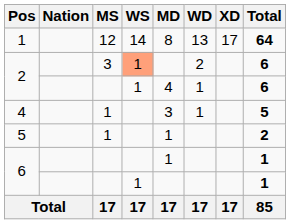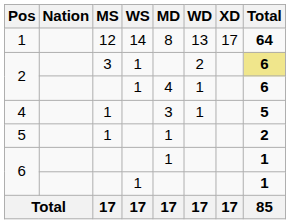 <table class="wikitable" style="text-align:center">
 <tr>
 <th>Pos</th>
 <th>Nation</th>
 <th>MS</th>
 <th>WS</th>
 <th>MD</th>
 <th>WD</th>
 <th>XD</th>
 <th>Total</th>
 </tr>
 <tr>
 <td>1</td>
 <td align=left><strong></strong></td>
 <td>12</td>
 <td>14</td>
 <td>8</td>
 <td>13</td>
 <td>17</td>
 <td><strong>64</strong></td>
 </tr>
 <tr>
 <td rowspan="2">2</td>
 <td align=left></td>
 <td>3</td>
-<td style="background: lightsalmon;">1</td>
+<td>1</td>
 <td></td>
 <td>2</td>
 <td></td>
-<td><strong>6</strong></td>
+<td style="background: khaki;"><strong>6</strong></td>
 </tr>
 <tr>
 <td align=left></td>
 <td></td>
 <td>1</td>
 <td>4</td>
 <td>1</td>
 <td></td>
 <td><strong>6</strong></td>
 </tr>
 <tr>
 <td>4</td>
 <td align=left></td>
 <td>1</td>
 <td></td>
 <td>3</td>
 <td>1</td>
 <td></td>
 <td><strong>5</strong></td>
 </tr>
 <tr>
 <td>5</td>
 <td align=left></td>
 <td>1</td>
 <td></td>
 <td>1</td>
 <td></td>
 <td></td>
 <td><strong>2</strong></td>
 </tr>
 <tr>
 <td rowspan="2">6</td>
 <td align=left></td>
 <td></td>
 <td></td>
 <td>1</td>
 <td></td>
 <td></td>
 <td><strong>1</strong></td>
 </tr>
 <tr>
 <td align=left></td>
 <td></td>
 <td>1</td>
 <td></td>
 <td></td>
 <td></td>
 <td><strong>1</strong></td>
 </tr>
 <tr>
 <th colspan="2">Total</th>
 <th>17</th>
 <th>17</th>
 <th>17</th>
 <th>17</th>
 <th>17</th>
 <th>85</th>
 </tr>
 </table>
